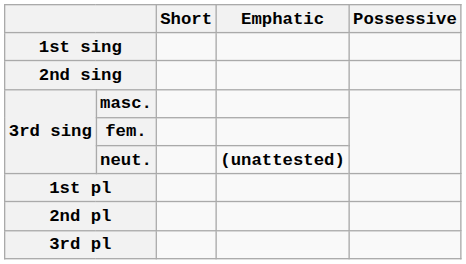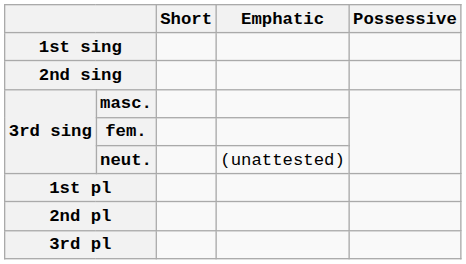 <table class="wikitable">
 <tr>
 <th colspan=2></th>
 <th>Short</th>
 <th>Emphatic</th>
 <th>Possessive</th>
 </tr>
 <tr>
 <th colspan="2">1st sing</th>
 <td></td>
 <td></td>
 <td></td>
 </tr>
 <tr>
 <th colspan="2">2nd sing</th>
 <td></td>
 <td></td>
 <td></td>
 </tr>
 <tr>
 <th rowspan="3">3rd sing</th>
 <th>masc.</th>
 <td></td>
 <td></td>
 <td rowspan=3></td>
 </tr>
 <tr>
 <th>fem.</th>
 <td></td>
 <td></td>
 </tr>
 <tr>
 <th>neut.</th>
 <td></td>
-<td><strong>(unattested)</strong></td>
+<td>(unattested)</td>
 </tr>
 <tr>
 <th colspan="2">1st pl</th>
 <td></td>
 <td></td>
 <td></td>
 </tr>
 <tr>
 <th colspan="2">2nd pl</th>
 <td></td>
 <td></td>
 <td></td>
 </tr>
 <tr>
 <th colspan="2">3rd pl</th>
 <td></td>
 <td></td>
 <td></td>
 </tr>
 </table>
